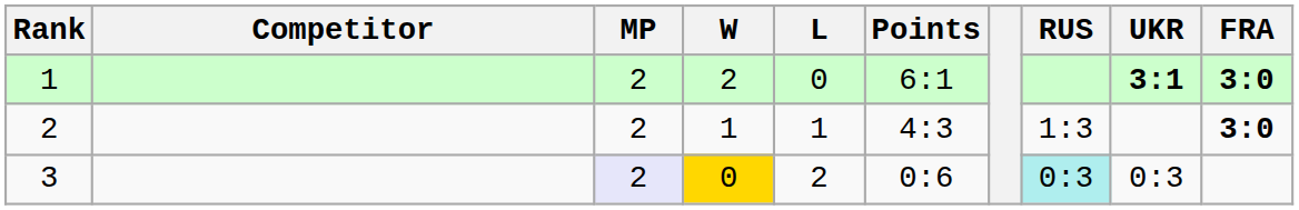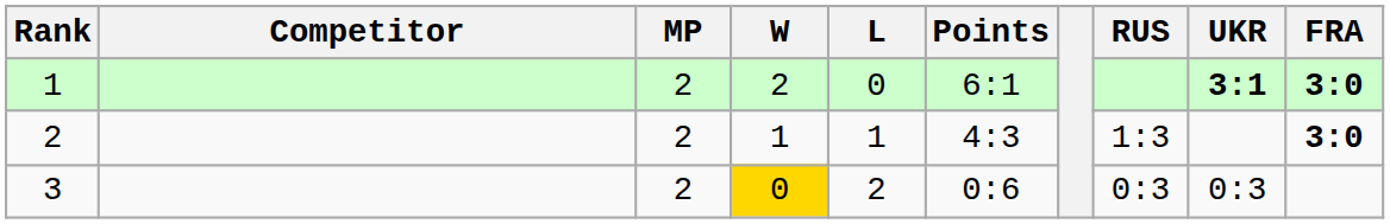 <table class="wikitable" style="text-align:center">
 <tr>
 <th>Rank</th>
 <th style="width:16em">Competitor</th>
 <th style="width:2.5em">MP</th>
 <th style="width:2.5em">W</th>
 <th style="width:2.5em">L</th>
 <th>Points</th>
 <th rowspan="4"> </th>
 <th style="width:2.5em">RUS</th>
 <th style="width:2.5em">UKR</th>
 <th style="width:2.5em">FRA</th>
 </tr>
 <tr style="background:#cfc;">
 <td>1</td>
 <td style="text-align:left"></td>
 <td>2</td>
 <td>2</td>
 <td>0</td>
 <td>6:1</td>
 <td></td>
 <td><strong>3:1</strong></td>
 <td><strong>3:0</strong></td>
 </tr>
 <tr>
 <td>2</td>
 <td style="text-align:left"></td>
 <td>2</td>
 <td>1</td>
 <td>1</td>
 <td>4:3</td>
 <td>1:3</td>
 <td></td>
 <td><strong>3:0</strong></td>
 </tr>
 <tr>
 <td>3</td>
 <td style="text-align:left"></td>
-<td style="background: lavender;">2</td>
+<td>2</td>
 <td style="background: gold;">0</td>
 <td>2</td>
 <td>0:6</td>
-<td style="background: paleturquoise;">0:3</td>
+<td>0:3</td>
 <td>0:3</td>
 <td></td>
 </tr>
 </table>
